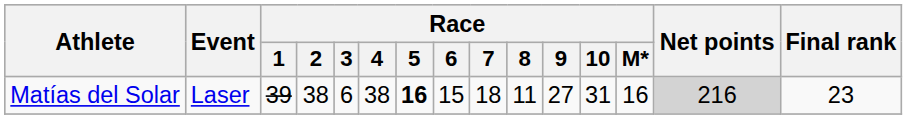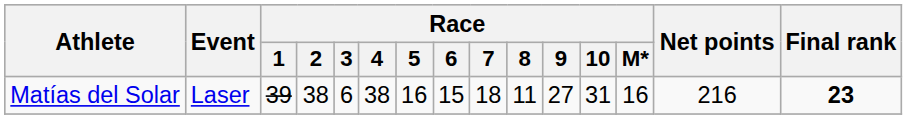 <table class="wikitable" style="font-size:90%">
 <tr>
 <th rowspan=2>Athlete</th>
 <th rowspan=2>Event</th>
 <th colspan=11>Race</th>
 <th rowspan=2>Net points</th>
 <th rowspan=2>Final rank</th>
 </tr>
 <tr style="font-size:95%">
 <th>1</th>
 <th>2</th>
 <th>3</th>
 <th>4</th>
 <th>5</th>
 <th>6</th>
 <th>7</th>
 <th>8</th>
 <th>9</th>
 <th>10</th>
 <th>M*</th>
 </tr>
 <tr align=center>
 <td align=left><a href='#'>Matías del Solar</a></td>
 <td align=left><a href='#'>Laser</a></td>
 <td><s>39</s></td>
 <td>38</td>
 <td>6</td>
 <td>38</td>
-<td><strong>16</strong></td>
+<td>16</td>
 <td>15</td>
 <td>18</td>
 <td>11</td>
 <td>27</td>
 <td>31</td>
 <td>16</td>
-<td style="background: lightgrey;">216</td>
-<td>23</td>
+<td>216</td>
+<td><strong>23</strong></td>
 </tr>
 </table>
